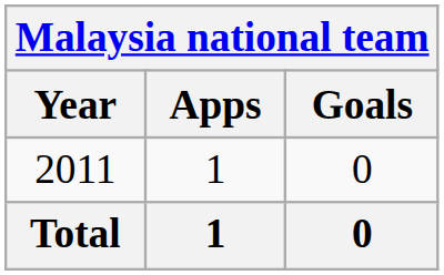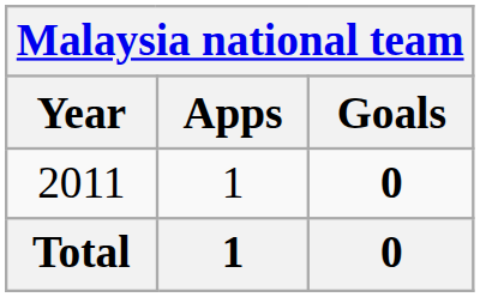 <table class="wikitable" style="text-align:center">
 <tr>
 <th colspan=3><a href='#'>Malaysia national team</a></th>
 </tr>
 <tr>
 <th>Year</th>
 <th>Apps</th>
 <th>Goals</th>
 </tr>
 <tr>
 <td>2011</td>
 <td>1</td>
-<td>0</td>
+<td><strong>0</strong></td>
 </tr>
 <tr>
 <th>Total</th>
 <th>1</th>
 <th>0</th>
 </tr>
 </table>
